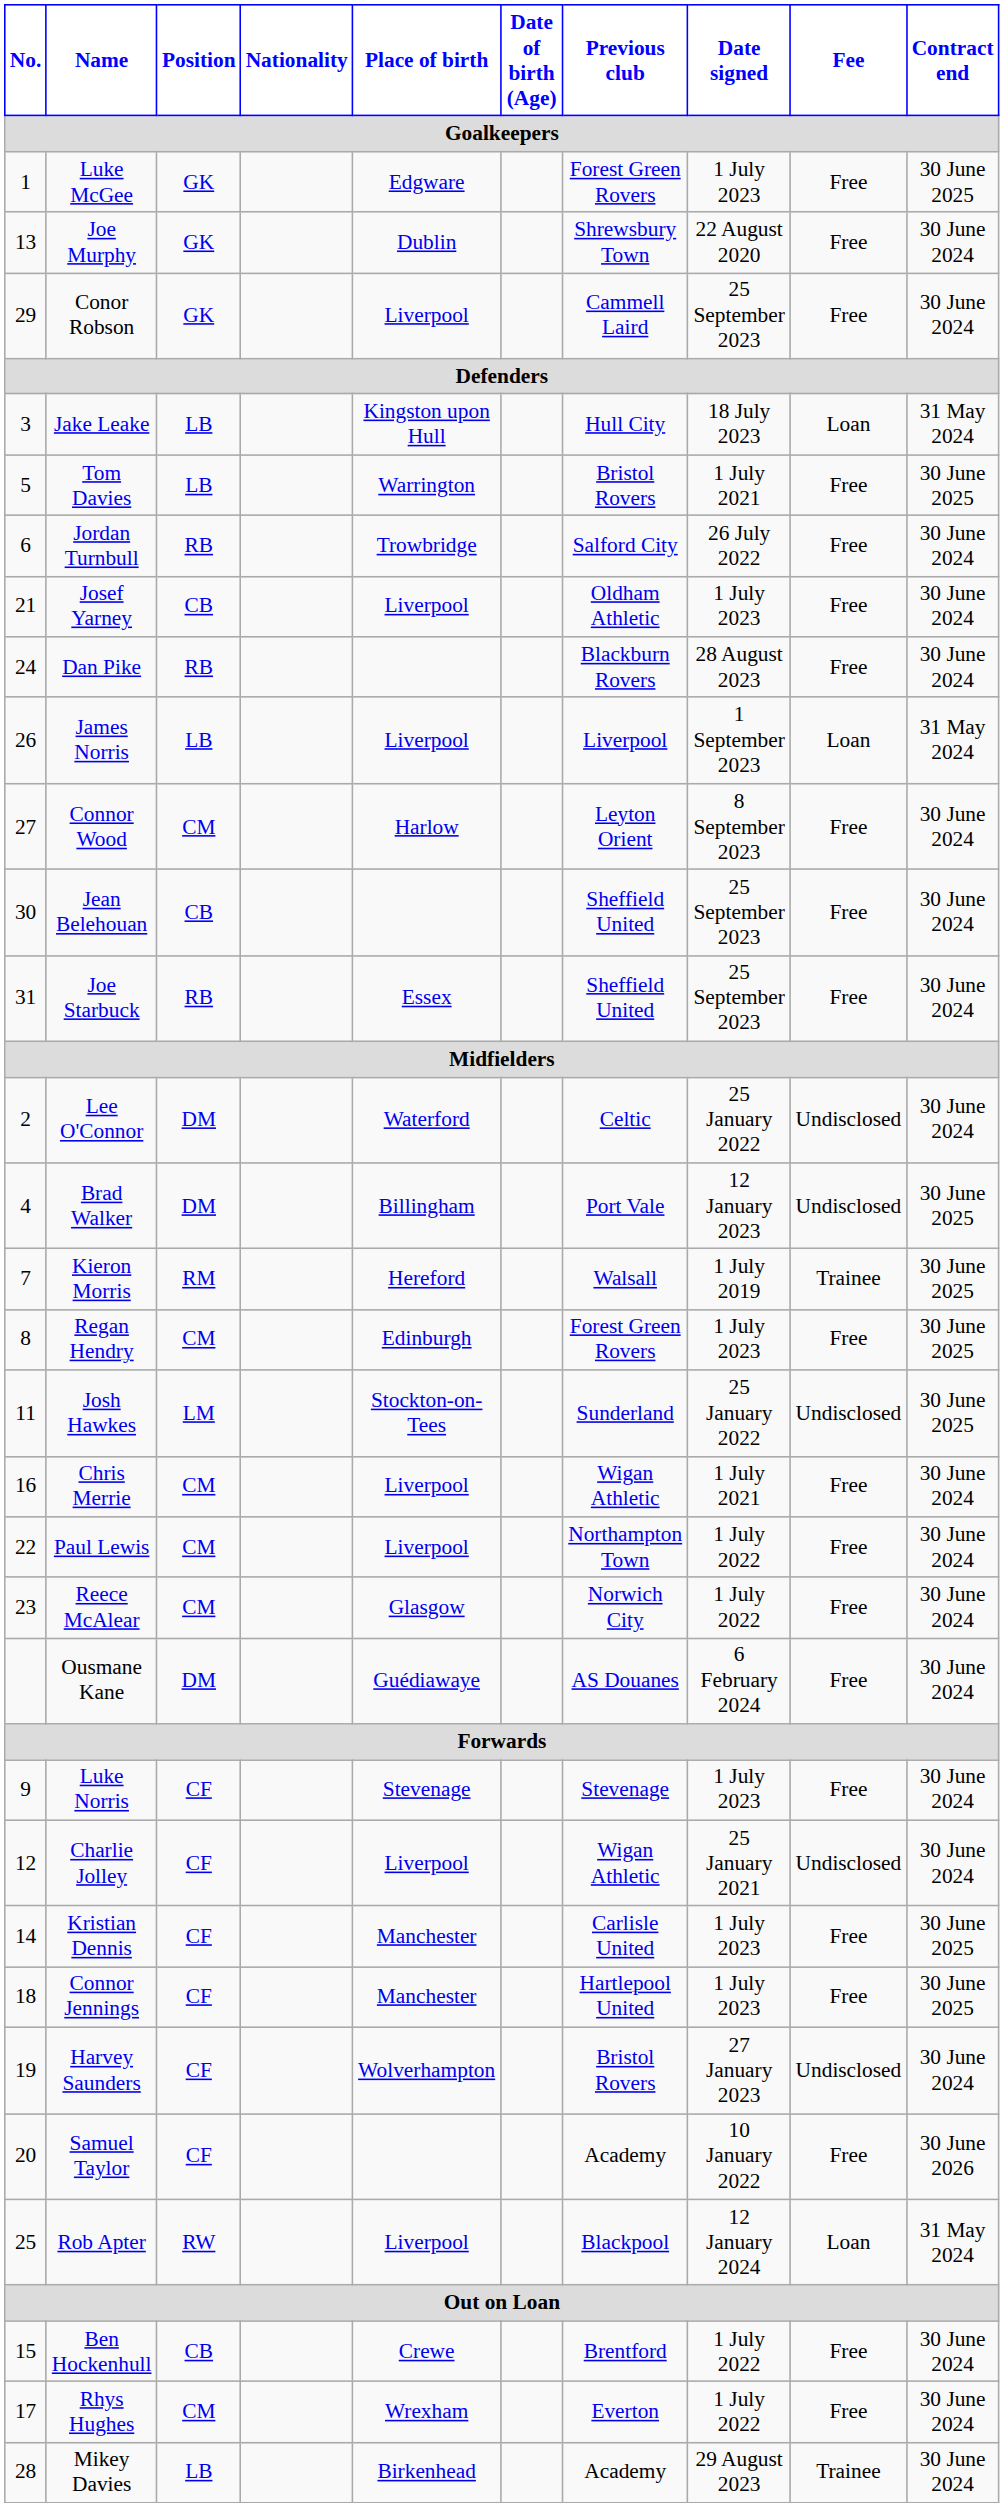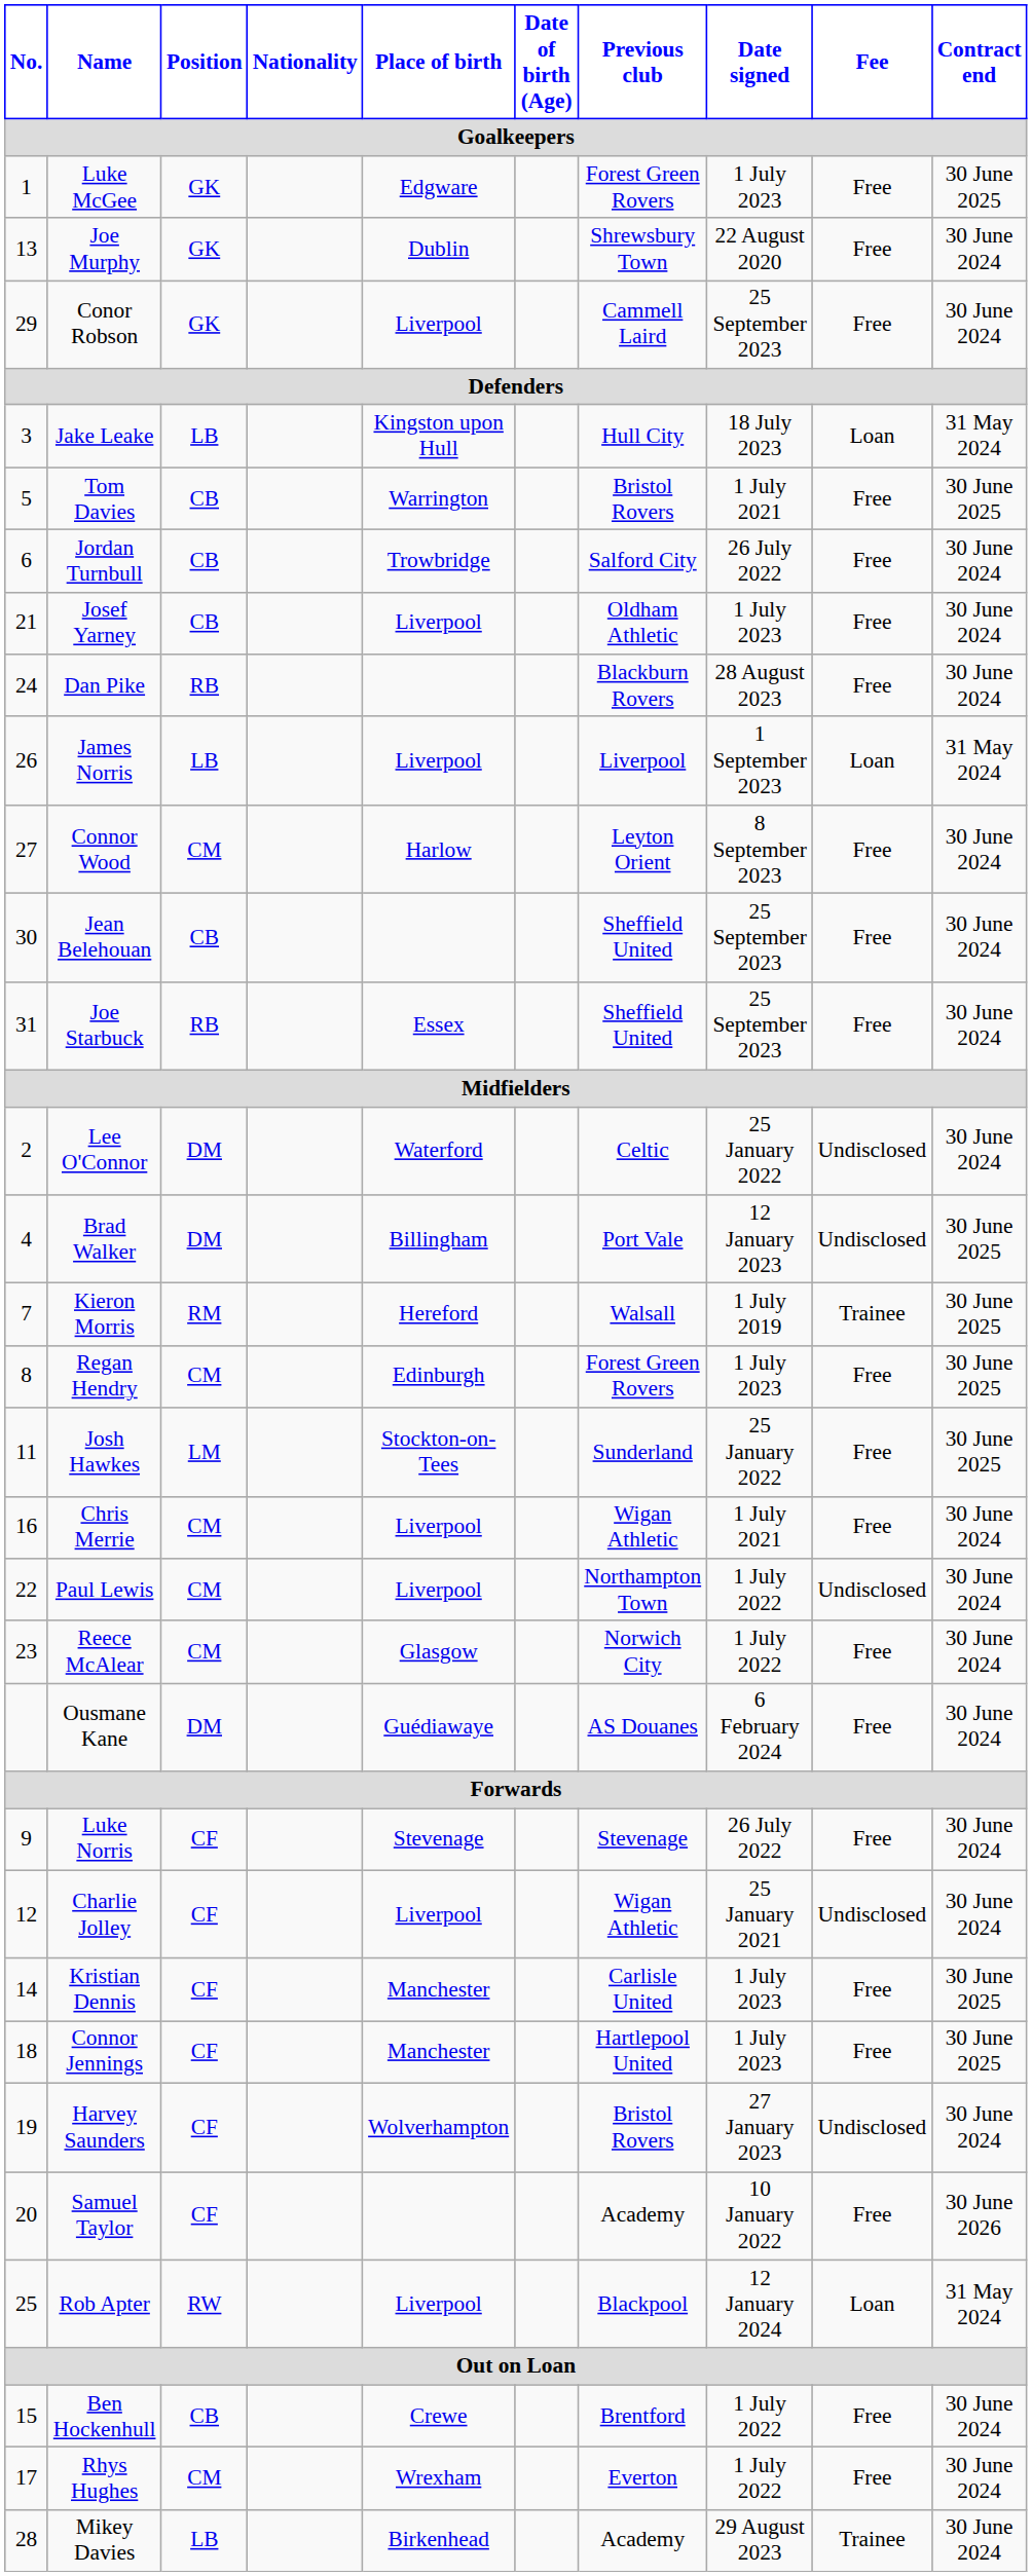 <table class="wikitable" style="text-align:center; font-size:84.5%; width:101%;">
 <tr>
 <th style="background:white; color:blue; border: 1px solid blue;; text-align:center;">No.</th>
 <th style="background:white; color:blue; border: 1px solid blue;; text-align:center;">Name</th>
 <th style="background:white; color:blue; border: 1px solid blue;; text-align:center;">Position</th>
 <th style="background:white; color:blue; border: 1px solid blue;; text-align:center;">Nationality</th>
 <th style="background:white; color:blue; border: 1px solid blue;; text-align:center;">Place of birth</th>
 <th style="background:white; color:blue; border: 1px solid blue;; text-align:center;">Date of birth (Age)</th>
 <th style="background:white; color:blue; border: 1px solid blue;; text-align:center;">Previous club</th>
 <th style="background:white; color:blue; border: 1px solid blue;; text-align:center;">Date signed</th>
 <th style="background:white; color:blue; border: 1px solid blue;; text-align:center;">Fee</th>
 <th style="background:white; color:blue; border: 1px solid blue;; text-align:center;">Contract end</th>
 </tr>
 <tr>
 <th colspan="14" style="background:#dcdcdc; tepxt-align:center;">Goalkeepers</th>
 </tr>
 <tr>
 <td>1</td>
 <td><a href='#'>Luke McGee</a></td>
 <td><a href='#'>GK</a></td>
 <td></td>
 <td><a href='#'>Edgware</a></td>
 <td></td>
 <td><a href='#'>Forest Green Rovers</a></td>
 <td>1 July 2023</td>
 <td>Free</td>
 <td>30 June 2025</td>
 </tr>
 <tr>
 <td>13</td>
 <td><a href='#'>Joe Murphy</a></td>
 <td><a href='#'>GK</a></td>
 <td></td>
 <td><a href='#'>Dublin</a></td>
 <td></td>
 <td><a href='#'>Shrewsbury Town</a></td>
 <td>22 August 2020</td>
 <td>Free</td>
 <td>30 June 2024</td>
 </tr>
 <tr>
 <td>29</td>
 <td>Conor Robson</td>
 <td><a href='#'>GK</a></td>
 <td></td>
 <td><a href='#'>Liverpool</a></td>
 <td></td>
 <td><a href='#'>Cammell Laird</a></td>
 <td>25 September 2023</td>
 <td>Free</td>
 <td>30 June 2024</td>
 </tr>
 <tr>
 <th colspan="14" style="background:#dcdcdc; tepxt-align:center;">Defenders</th>
 </tr>
 <tr>
 <td>3</td>
 <td><a href='#'>Jake Leake</a></td>
 <td><a href='#'>LB</a></td>
 <td></td>
 <td><a href='#'>Kingston upon Hull</a></td>
 <td></td>
 <td><a href='#'>Hull City</a></td>
 <td>18 July 2023</td>
 <td>Loan</td>
 <td>31 May 2024</td>
 </tr>
 <tr>
 <td>5</td>
 <td><a href='#'>Tom Davies</a></td>
-<td><a href='#'>LB</a></td>
+<td><a href='#'>CB</a></td>
 <td></td>
 <td> <a href='#'>Warrington</a></td>
 <td></td>
 <td><a href='#'>Bristol Rovers</a></td>
 <td>1 July 2021</td>
 <td>Free</td>
 <td>30 June 2025</td>
 </tr>
 <tr>
 <td>6</td>
 <td><a href='#'>Jordan Turnbull</a></td>
-<td><a href='#'>RB</a></td>
+<td><a href='#'>CB</a></td>
 <td></td>
 <td><a href='#'>Trowbridge</a></td>
 <td></td>
 <td><a href='#'>Salford City</a></td>
 <td>26 July 2022</td>
 <td>Free</td>
 <td>30 June 2024</td>
 </tr>
 <tr>
 <td>21</td>
 <td><a href='#'>Josef Yarney</a></td>
 <td><a href='#'>CB</a></td>
 <td></td>
 <td><a href='#'>Liverpool</a></td>
 <td></td>
 <td><a href='#'>Oldham Athletic</a></td>
 <td>1 July 2023</td>
 <td>Free</td>
 <td>30 June 2024</td>
 </tr>
 <tr>
 <td>24</td>
 <td><a href='#'>Dan Pike</a></td>
 <td><a href='#'>RB</a></td>
 <td></td>
 <td></td>
 <td></td>
 <td><a href='#'>Blackburn Rovers</a></td>
 <td>28 August 2023</td>
 <td>Free</td>
 <td>30 June 2024</td>
 </tr>
 <tr>
 <td>26</td>
 <td><a href='#'>James Norris</a></td>
 <td><a href='#'>LB</a></td>
 <td></td>
 <td><a href='#'>Liverpool</a></td>
 <td></td>
 <td><a href='#'>Liverpool</a></td>
 <td>1 September 2023</td>
 <td>Loan</td>
 <td>31 May 2024</td>
 </tr>
 <tr>
 <td>27</td>
 <td><a href='#'>Connor Wood</a></td>
 <td><a href='#'>CM</a></td>
 <td></td>
 <td><a href='#'>Harlow</a></td>
 <td></td>
 <td><a href='#'>Leyton Orient</a></td>
 <td>8 September 2023</td>
 <td>Free</td>
 <td>30 June 2024</td>
 </tr>
 <tr>
 <td>30</td>
 <td><a href='#'>Jean Belehouan</a></td>
 <td><a href='#'>CB</a></td>
 <td></td>
 <td></td>
 <td></td>
 <td><a href='#'>Sheffield United</a></td>
 <td>25 September 2023</td>
 <td>Free</td>
 <td>30 June 2024</td>
 </tr>
 <tr>
 <td>31</td>
 <td><a href='#'>Joe Starbuck</a></td>
 <td><a href='#'>RB</a></td>
 <td></td>
 <td><a href='#'>Essex</a></td>
 <td></td>
 <td><a href='#'>Sheffield United</a></td>
 <td>25 September 2023</td>
 <td>Free</td>
 <td>30 June 2024</td>
 </tr>
 <tr>
 <th colspan="14" style="background:#dcdcdc; tepxt-align:center;">Midfielders</th>
 </tr>
 <tr>
 <td>2</td>
 <td><a href='#'>Lee O'Connor</a></td>
 <td><a href='#'>DM</a></td>
 <td></td>
 <td><a href='#'>Waterford</a></td>
 <td></td>
 <td> <a href='#'>Celtic</a></td>
 <td>25 January 2022</td>
 <td>Undisclosed</td>
 <td>30 June 2024</td>
 </tr>
 <tr>
 <td>4</td>
 <td><a href='#'>Brad Walker</a></td>
 <td><a href='#'>DM</a></td>
 <td></td>
 <td><a href='#'>Billingham</a></td>
 <td></td>
 <td><a href='#'>Port Vale</a></td>
 <td>12 January 2023</td>
 <td>Undisclosed</td>
 <td>30 June 2025</td>
 </tr>
 <tr>
 <td>7</td>
 <td><a href='#'>Kieron Morris</a></td>
 <td><a href='#'>RM</a></td>
 <td></td>
 <td><a href='#'>Hereford</a></td>
 <td></td>
 <td><a href='#'>Walsall</a></td>
 <td>1 July 2019</td>
 <td>Trainee</td>
 <td>30 June 2025</td>
 </tr>
 <tr>
 <td>8</td>
 <td><a href='#'>Regan Hendry</a></td>
 <td><a href='#'>CM</a></td>
 <td></td>
 <td><a href='#'>Edinburgh</a></td>
 <td></td>
 <td><a href='#'>Forest Green Rovers</a></td>
 <td>1 July 2023</td>
 <td>Free</td>
 <td>30 June 2025</td>
 </tr>
 <tr>
 <td>11</td>
 <td><a href='#'>Josh Hawkes</a></td>
 <td><a href='#'>LM</a></td>
 <td></td>
 <td><a href='#'>Stockton-on-Tees</a></td>
 <td></td>
 <td><a href='#'>Sunderland</a></td>
 <td>25 January 2022</td>
-<td>Undisclosed</td>
+<td>Free</td>
 <td>30 June 2025</td>
 </tr>
 <tr>
 <td>16</td>
 <td><a href='#'>Chris Merrie</a></td>
 <td><a href='#'>CM</a></td>
 <td></td>
 <td><a href='#'>Liverpool</a></td>
 <td></td>
 <td><a href='#'>Wigan Athletic</a></td>
 <td>1 July 2021</td>
 <td>Free</td>
 <td>30 June 2024</td>
 </tr>
 <tr>
 <td>22</td>
 <td><a href='#'>Paul Lewis</a></td>
 <td><a href='#'>CM</a></td>
 <td></td>
 <td><a href='#'>Liverpool</a></td>
 <td></td>
 <td><a href='#'>Northampton Town</a></td>
 <td>1 July 2022</td>
-<td>Free</td>
+<td>Undisclosed</td>
 <td>30 June 2024</td>
 </tr>
 <tr>
 <td>23</td>
 <td><a href='#'>Reece McAlear</a></td>
 <td><a href='#'>CM</a></td>
 <td></td>
 <td><a href='#'>Glasgow</a></td>
 <td></td>
 <td><a href='#'>Norwich City</a></td>
 <td>1 July 2022</td>
 <td>Free</td>
 <td>30 June 2024</td>
 </tr>
 <tr>
 <td></td>
 <td>Ousmane Kane</td>
 <td><a href='#'>DM</a></td>
 <td></td>
 <td><a href='#'>Guédiawaye</a></td>
 <td></td>
 <td> <a href='#'>AS Douanes</a></td>
 <td>6 February 2024</td>
 <td>Free</td>
 <td>30 June 2024</td>
 </tr>
 <tr>
 <th colspan="14" style="background:#dcdcdc; tepxt-align:center;">Forwards</th>
 </tr>
 <tr>
 <td>9</td>
 <td><a href='#'>Luke Norris</a></td>
 <td><a href='#'>CF</a></td>
 <td></td>
 <td><a href='#'>Stevenage</a></td>
 <td></td>
 <td><a href='#'>Stevenage</a></td>
-<td>1 July 2023</td>
+<td>26 July 2022</td>
 <td>Free</td>
 <td>30 June 2024</td>
 </tr>
 <tr>
 <td>12</td>
 <td><a href='#'>Charlie Jolley</a></td>
 <td><a href='#'>CF</a></td>
 <td></td>
 <td><a href='#'>Liverpool</a></td>
 <td></td>
 <td><a href='#'>Wigan Athletic</a></td>
 <td>25 January 2021</td>
 <td>Undisclosed</td>
 <td>30 June 2024</td>
 </tr>
 <tr>
 <td>14</td>
 <td><a href='#'>Kristian Dennis</a></td>
 <td><a href='#'>CF</a></td>
 <td></td>
 <td><a href='#'>Manchester</a></td>
 <td></td>
 <td><a href='#'>Carlisle United</a></td>
 <td>1 July 2023</td>
 <td>Free</td>
 <td>30 June 2025</td>
 </tr>
 <tr>
 <td>18</td>
 <td><a href='#'>Connor Jennings</a></td>
 <td><a href='#'>CF</a></td>
 <td></td>
 <td><a href='#'>Manchester</a></td>
 <td></td>
 <td><a href='#'>Hartlepool United</a></td>
 <td>1 July 2023</td>
 <td>Free</td>
 <td>30 June 2025</td>
 </tr>
 <tr>
 <td>19</td>
 <td><a href='#'>Harvey Saunders</a></td>
 <td><a href='#'>CF</a></td>
 <td></td>
 <td><a href='#'>Wolverhampton</a></td>
 <td></td>
 <td><a href='#'>Bristol Rovers</a></td>
 <td>27 January 2023</td>
 <td>Undisclosed</td>
 <td>30 June 2024</td>
 </tr>
 <tr>
 <td>20</td>
 <td><a href='#'>Samuel Taylor</a></td>
 <td><a href='#'>CF</a></td>
 <td></td>
 <td></td>
 <td></td>
 <td>Academy</td>
 <td>10 January 2022</td>
 <td>Free</td>
 <td>30 June 2026</td>
 </tr>
 <tr>
 <td>25</td>
 <td><a href='#'>Rob Apter</a></td>
 <td><a href='#'>RW</a></td>
 <td></td>
 <td> <a href='#'>Liverpool</a></td>
 <td></td>
 <td><a href='#'>Blackpool</a></td>
 <td>12 January 2024</td>
 <td>Loan</td>
 <td>31 May 2024</td>
 </tr>
 <tr>
 <th colspan="14" style="background:#dcdcdc; tepxt-align:center;">Out on Loan</th>
 </tr>
 <tr>
 <td>15</td>
 <td><a href='#'>Ben Hockenhull</a></td>
 <td><a href='#'>CB</a></td>
 <td></td>
 <td><a href='#'>Crewe</a></td>
 <td></td>
 <td><a href='#'>Brentford</a></td>
 <td>1 July 2022</td>
 <td>Free</td>
 <td>30 June 2024</td>
 </tr>
 <tr>
 <td>17</td>
 <td><a href='#'>Rhys Hughes</a></td>
 <td><a href='#'>CM</a></td>
 <td></td>
 <td><a href='#'>Wrexham</a></td>
 <td></td>
 <td><a href='#'>Everton</a></td>
 <td>1 July 2022</td>
 <td>Free</td>
 <td>30 June 2024</td>
 </tr>
 <tr>
 <td>28</td>
 <td>Mikey Davies</td>
 <td><a href='#'>LB</a></td>
 <td></td>
 <td><a href='#'>Birkenhead</a></td>
 <td></td>
 <td>Academy</td>
 <td>29 August 2023</td>
 <td>Trainee</td>
 <td>30 June 2024</td>
 </tr>
 </table>
